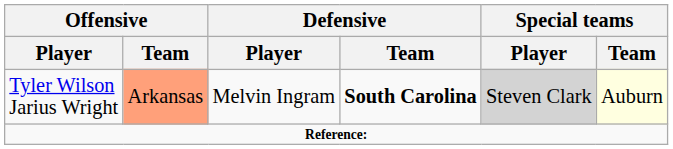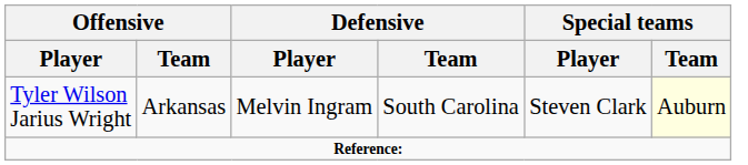 <table class="wikitable" border="1">
 <tr>
 <th colspan="2">Offensive</th>
 <th colspan="2">Defensive</th>
 <th colspan="2">Special teams</th>
 </tr>
 <tr>
 <th>Player</th>
 <th>Team</th>
 <th>Player</th>
 <th>Team</th>
 <th>Player</th>
 <th>Team</th>
 </tr>
 <tr>
 <td><a href='#'>Tyler Wilson</a><br>Jarius Wright</td>
-<td style="background: lightsalmon;">Arkansas</td>
+<td>Arkansas</td>
 <td>Melvin Ingram</td>
-<td><strong>South Carolina</strong></td>
-<td style="background: lightgrey;">Steven Clark</td>
+<td>South Carolina</td>
+<td>Steven Clark</td>
 <td style="background: lightyellow;">Auburn</td>
 </tr>
 <tr>
 <td colspan="6" style="font-size: 8pt" align="center"><strong>Reference:</strong></td>
 </tr>
 </table>
